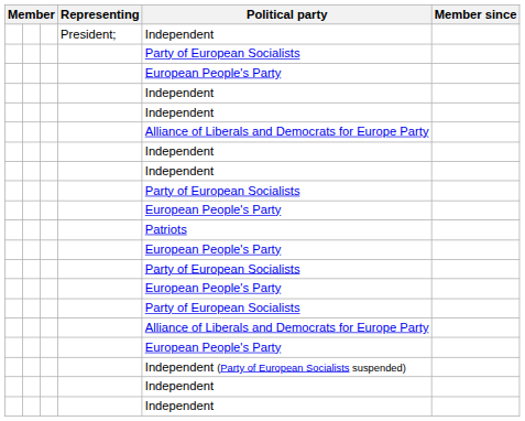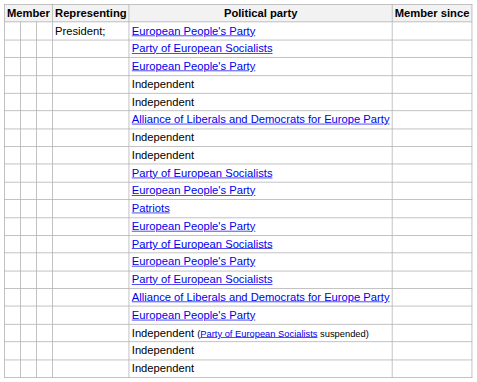 <table class="wikitable sortable"  style="background:white;">
 <tr>
 <th colspan="3" class="unsortable">Member</th>
 <th>Representing</th>
 <th>Political party</th>
 <th>Member since</th>
 </tr>
 <tr>
 <td style="background-color: "></td>
 <td></td>
 <td></td>
 <td> President;<br></td>
-<td>Independent</td>
+<td><a href='#'>European People's Party</a><br></td>
 <td></td>
 </tr>
 <tr>
 <td style="background-color: "></td>
 <td></td>
 <td></td>
 <td></td>
 <td><a href='#'>Party of European Socialists</a><br></td>
 <td></td>
 </tr>
 <tr>
 <td style="background-color: "></td>
 <td></td>
 <td></td>
 <td></td>
 <td><a href='#'>European People's Party</a><br></td>
 <td></td>
 </tr>
 <tr>
 <td style="background-color: "></td>
 <td></td>
 <td></td>
 <td></td>
 <td>Independent</td>
 <td></td>
 </tr>
 <tr>
 <td style="background-color: "></td>
 <td></td>
 <td></td>
 <td></td>
 <td>Independent<br></td>
 <td></td>
 </tr>
 <tr>
 <td style="background-color: "></td>
 <td></td>
 <td></td>
 <td></td>
 <td><a href='#'>Alliance of Liberals and Democrats for Europe Party</a><br></td>
 <td></td>
 </tr>
 <tr>
 <td style="background-color: "></td>
 <td></td>
 <td></td>
 <td></td>
 <td>Independent<br></td>
 <td></td>
 </tr>
 <tr>
 <td style="background-color: "></td>
 <td></td>
 <td></td>
 <td></td>
 <td>Independent</td>
 <td></td>
 </tr>
 <tr>
 <td style="background-color: "></td>
 <td></td>
 <td></td>
 <td></td>
 <td><a href='#'>Party of European Socialists</a><br></td>
 <td></td>
 </tr>
 <tr>
 <td style="background-color: "></td>
 <td></td>
 <td></td>
 <td></td>
 <td><a href='#'>European People's Party</a><br></td>
 <td></td>
 </tr>
 <tr>
 <td style="background-color: "></td>
 <td></td>
 <td></td>
 <td></td>
 <td><a href='#'>Patriots</a><br></td>
 <td></td>
 </tr>
 <tr>
 <td style="background-color: "></td>
 <td></td>
 <td></td>
 <td></td>
 <td><a href='#'>European People's Party</a><br></td>
 <td></td>
 </tr>
 <tr>
 <td style="background-color: "></td>
 <td></td>
 <td></td>
 <td></td>
 <td><a href='#'>Party of European Socialists</a><br></td>
 <td></td>
 </tr>
 <tr>
 <td style="background-color: "></td>
 <td></td>
 <td></td>
 <td></td>
 <td><a href='#'>European People's Party</a><br></td>
 <td></td>
 </tr>
 <tr>
 <td style="background-color: "></td>
 <td></td>
 <td></td>
 <td></td>
 <td><a href='#'>Party of European Socialists</a><br></td>
 <td></td>
 </tr>
 <tr>
 <td style="background-color: "></td>
 <td></td>
 <td></td>
 <td></td>
 <td><a href='#'>Alliance of Liberals and Democrats for Europe Party</a><br></td>
 <td></td>
 </tr>
 <tr>
 <td style="background-color: "></td>
 <td></td>
 <td></td>
 <td></td>
 <td><a href='#'>European People's Party</a><br></td>
 <td></td>
 </tr>
 <tr>
 <td style="background-color: "></td>
 <td></td>
 <td></td>
 <td></td>
 <td>Independent <small>(<a href='#'>Party of European Socialists</a> suspended)</small><br></td>
 <td></td>
 </tr>
 <tr>
 <td style="background-color: "></td>
 <td></td>
 <td></td>
 <td></td>
 <td>Independent<br></td>
 <td></td>
 </tr>
 <tr>
 <td style="background-color: "></td>
 <td></td>
 <td></td>
 <td></td>
 <td>Independent</td>
 <td></td>
 </tr>
 </table>
